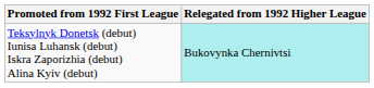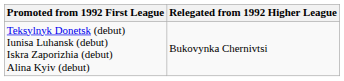 <table class="wikitable">
 <tr>
 <th>Promoted from 1992 First League</th>
 <th>Relegated from 1992 Higher League</th>
 </tr>
 <tr>
 <td><a href='#'>Teksylnyk Donetsk</a> (debut)<br>Iunisa Luhansk (debut)<br>Iskra Zaporizhia (debut)<br>Alina Kyiv (debut)</td>
-<td style="background: paleturquoise;">Bukovynka Chernivtsi </td>
+<td>Bukovynka Chernivtsi </td>
 </tr>
 </table>
